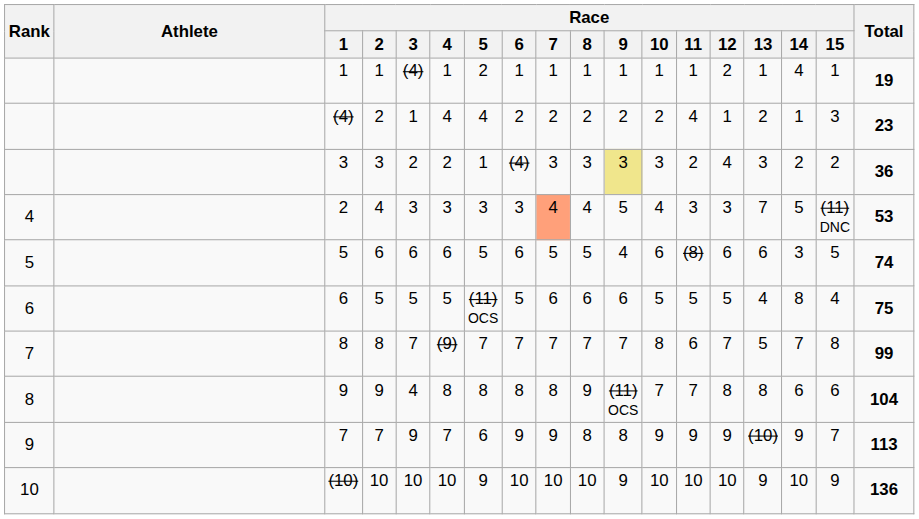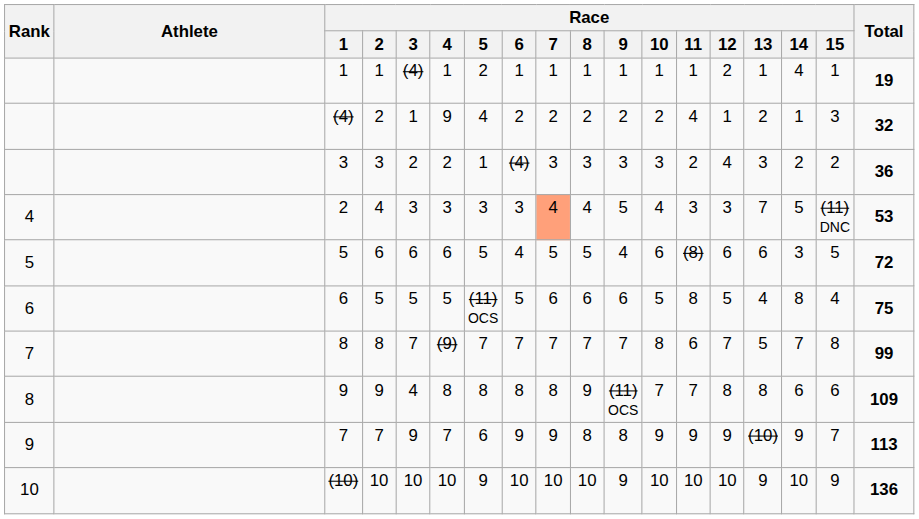 <table | class="wikitable" style="text-align:center">
 <tr>
 <th rowspan="2" width=40>Rank</th>
 <th rowspan="2" width=250>Athlete</th>
 <th colspan="15">Race</th>
 <th rowspan="2" width=50>Total</th>
 </tr>
 <tr>
 <th width=25>1</th>
 <th width=25>2</th>
 <th width=25>3</th>
 <th width=25>4</th>
 <th width=25>5</th>
 <th width=25>6</th>
 <th width=25>7</th>
 <th width=25>8</th>
 <th width=25>9</th>
 <th width=25>10</th>
 <th width=25>11</th>
 <th width=25>12</th>
 <th width=25>13</th>
 <th width=25>14</th>
 <th width=25>15</th>
 </tr>
 <tr>
 <td></td>
 <td align=left></td>
 <td>1<br> </td>
 <td>1<br> </td>
 <td><s>(4)</s><br> </td>
 <td>1<br> </td>
 <td>2<br> </td>
 <td>1<br> </td>
 <td>1<br> </td>
 <td>1<br> </td>
 <td>1<br> </td>
 <td>1<br> </td>
 <td>1<br> </td>
 <td>2<br> </td>
 <td>1<br> </td>
 <td>4<br> </td>
 <td>1<br> </td>
 <td><strong>19</strong></td>
 </tr>
 <tr>
 <td></td>
 <td align=left></td>
 <td><s>(4)</s><br> </td>
 <td>2<br> </td>
 <td>1<br> </td>
-<td>4<br> </td>
+<td>9<br> </td>
 <td>4<br> </td>
 <td>2<br> </td>
 <td>2<br> </td>
 <td>2<br> </td>
 <td>2<br> </td>
 <td>2<br> </td>
 <td>4<br> </td>
 <td>1<br> </td>
 <td>2<br> </td>
 <td>1<br> </td>
 <td>3<br> </td>
-<td><strong>23</strong></td>
+<td><strong>32</strong></td>
 </tr>
 <tr>
 <td></td>
 <td align=left></td>
 <td>3<br> </td>
 <td>3<br> </td>
 <td>2<br> </td>
 <td>2<br> </td>
 <td>1<br> </td>
 <td><s>(4)</s><br> </td>
 <td>3<br> </td>
 <td>3<br> </td>
-<td style="background: khaki;">3<br> </td>
+<td>3<br> </td>
 <td>3<br> </td>
 <td>2<br> </td>
 <td>4<br> </td>
 <td>3<br> </td>
 <td>2<br> </td>
 <td>2<br> </td>
 <td><strong>36</strong></td>
 </tr>
 <tr>
 <td>4</td>
 <td align=left></td>
 <td>2<br> </td>
 <td>4<br> </td>
 <td>3<br> </td>
 <td>3<br> </td>
 <td>3<br> </td>
 <td>3<br> </td>
 <td style="background: lightsalmon;">4<br> </td>
 <td>4<br> </td>
 <td>5<br> </td>
 <td>4<br> </td>
 <td>3<br> </td>
 <td>3<br> </td>
 <td>7<br> </td>
 <td>5<br> </td>
 <td><s>(11)</s><br><small>DNC</small></td>
 <td><strong>53</strong></td>
 </tr>
 <tr>
 <td>5</td>
 <td align=left></td>
 <td>5<br> </td>
 <td>6<br> </td>
 <td>6<br> </td>
 <td>6<br> </td>
 <td>5<br> </td>
-<td>6<br> </td>
+<td>4<br> </td>
 <td>5<br> </td>
 <td>5<br> </td>
 <td>4<br> </td>
 <td>6<br> </td>
 <td><s>(8)</s><br> </td>
 <td>6<br> </td>
 <td>6<br> </td>
 <td>3<br> </td>
 <td>5<br> </td>
-<td><strong>74</strong></td>
+<td><strong>72</strong></td>
 </tr>
 <tr>
 <td>6</td>
 <td align=left></td>
 <td>6<br> </td>
 <td>5<br> </td>
 <td>5<br> </td>
 <td>5<br> </td>
 <td><s>(11)</s><br><small>OCS</small></td>
 <td>5<br> </td>
 <td>6<br> </td>
 <td>6<br> </td>
 <td>6<br> </td>
 <td>5<br> </td>
-<td>5<br> </td>
+<td>8<br> </td>
 <td>5<br> </td>
 <td>4<br> </td>
 <td>8<br> </td>
 <td>4<br> </td>
 <td><strong>75</strong></td>
 </tr>
 <tr>
 <td>7</td>
 <td align=left></td>
 <td>8<br> </td>
 <td>8<br> </td>
 <td>7<br> </td>
 <td><s>(9)</s><br> </td>
 <td>7<br> </td>
 <td>7<br> </td>
 <td>7<br> </td>
 <td>7<br> </td>
 <td>7<br> </td>
 <td>8<br> </td>
 <td>6<br> </td>
 <td>7<br> </td>
 <td>5<br> </td>
 <td>7<br> </td>
 <td>8<br> </td>
 <td><strong>99</strong></td>
 </tr>
 <tr>
 <td>8</td>
 <td align=left></td>
 <td>9<br> </td>
 <td>9<br> </td>
 <td>4<br> </td>
 <td>8<br> </td>
 <td>8<br> </td>
 <td>8<br> </td>
 <td>8<br> </td>
 <td>9<br> </td>
 <td><s>(11)</s><br><small>OCS</small></td>
 <td>7<br> </td>
 <td>7<br> </td>
 <td>8<br> </td>
 <td>8<br> </td>
 <td>6<br> </td>
 <td>6<br> </td>
-<td><strong>104</strong></td>
+<td><strong>109</strong></td>
 </tr>
 <tr>
 <td>9</td>
 <td align=left></td>
 <td>7<br> </td>
 <td>7<br> </td>
 <td>9<br> </td>
 <td>7<br> </td>
 <td>6<br> </td>
 <td>9<br> </td>
 <td>9<br> </td>
 <td>8<br> </td>
 <td>8<br> </td>
 <td>9<br> </td>
 <td>9<br> </td>
 <td>9<br> </td>
 <td><s>(10)</s><br> </td>
 <td>9<br> </td>
 <td>7<br> </td>
 <td><strong>113</strong></td>
 </tr>
 <tr>
 <td>10</td>
 <td align=left></td>
 <td><s>(10)</s><br> </td>
 <td>10<br> </td>
 <td>10<br> </td>
 <td>10<br> </td>
 <td>9<br> </td>
 <td>10<br> </td>
 <td>10<br> </td>
 <td>10<br> </td>
 <td>9<br> </td>
 <td>10<br> </td>
 <td>10<br> </td>
 <td>10<br> </td>
 <td>9<br> </td>
 <td>10<br> </td>
 <td>9<br> </td>
 <td><strong>136</strong></td>
 </tr>
 </table>
